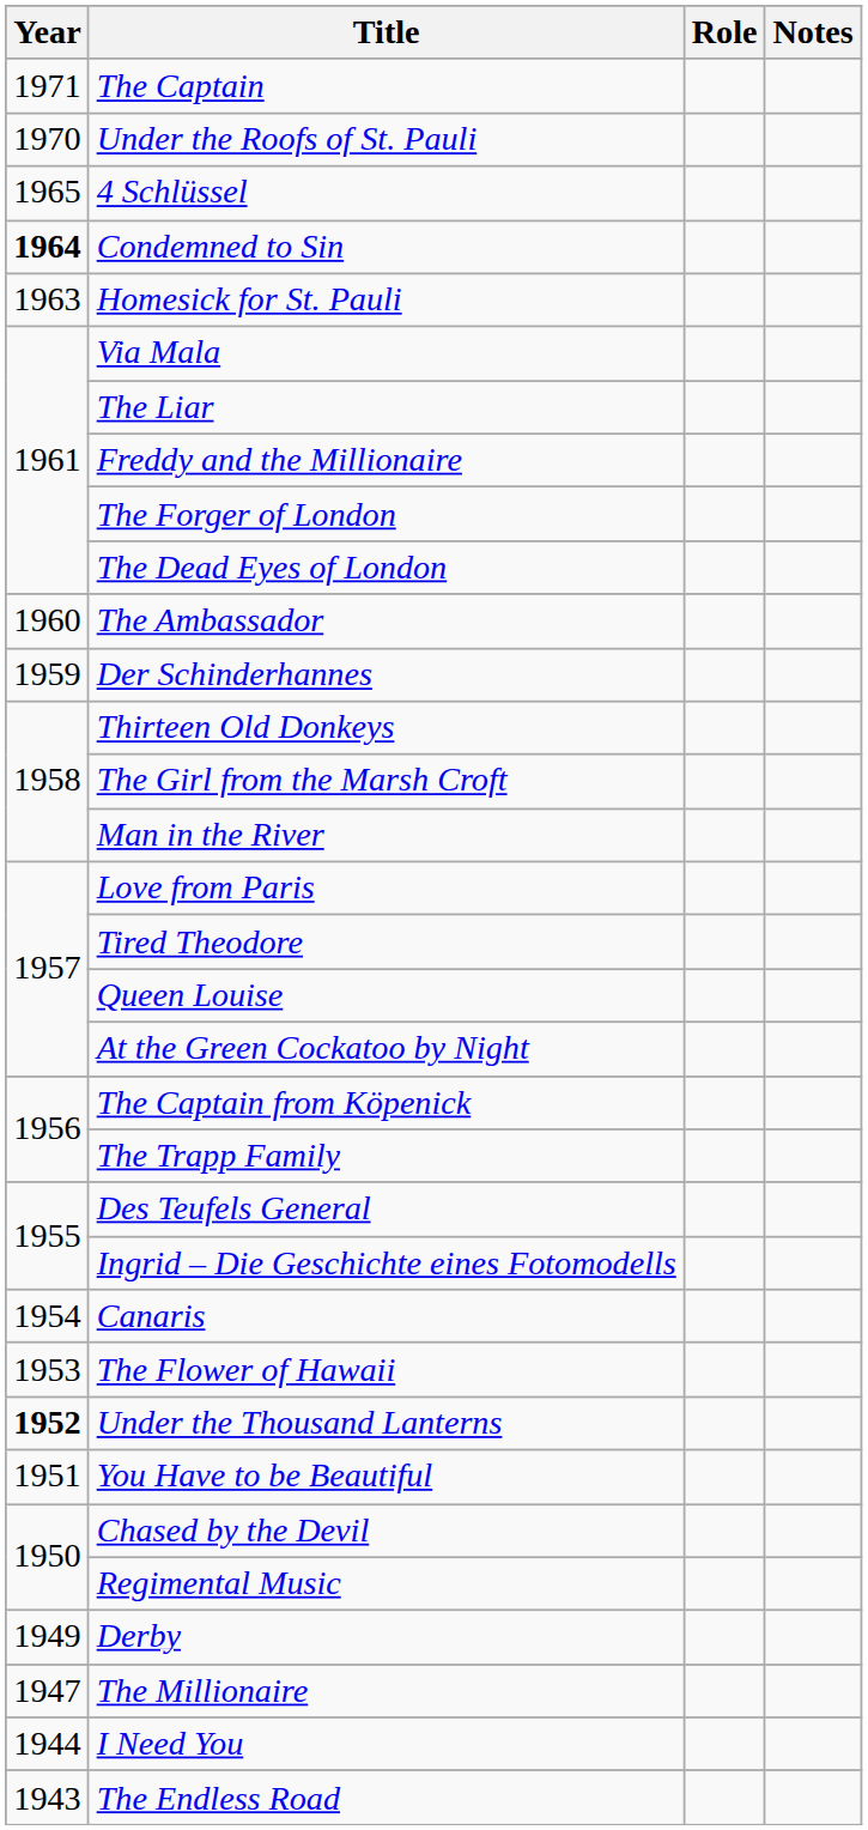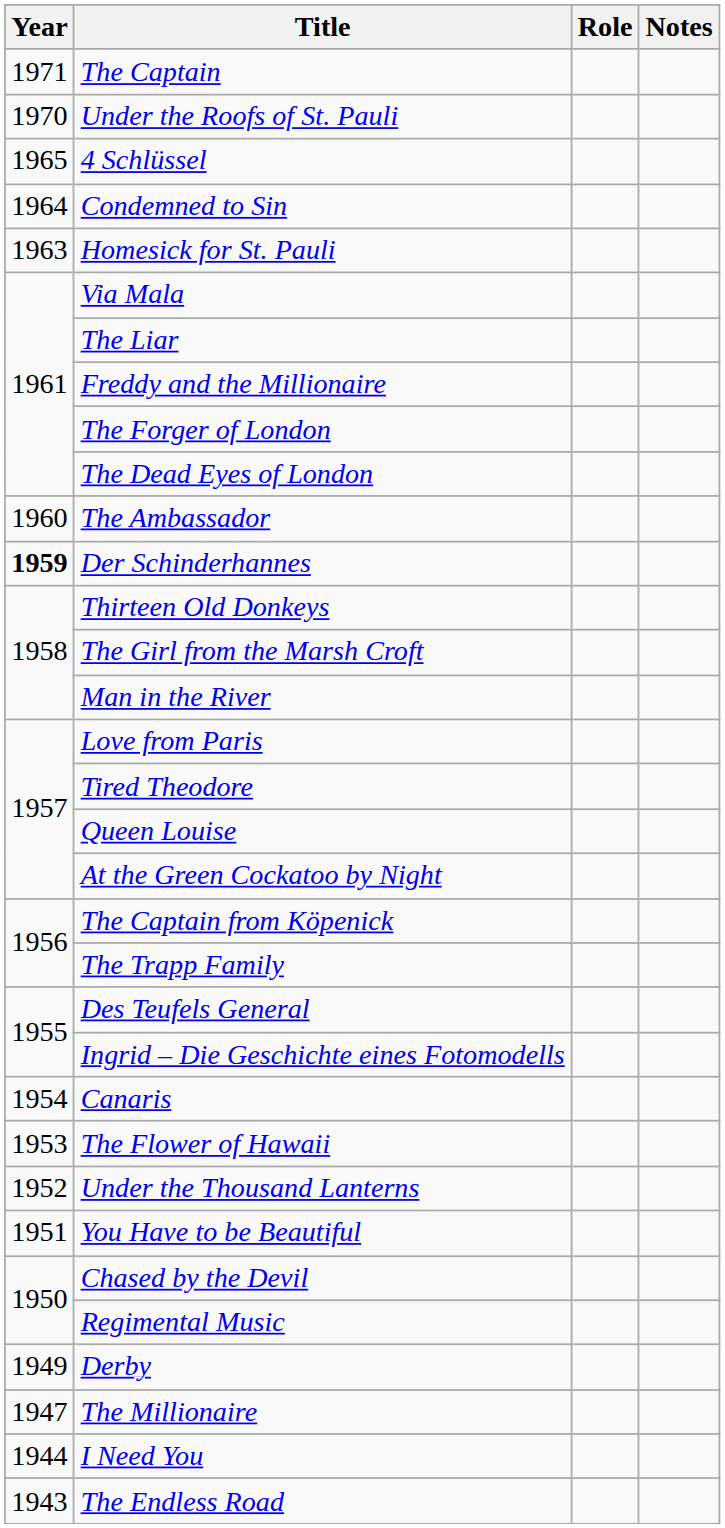 <table class="wikitable sortable">
 <tr>
 <th>Year</th>
 <th>Title</th>
 <th>Role</th>
 <th class="unsortable">Notes</th>
 </tr>
 <tr>
 <td>1971</td>
 <td><em><a href='#'>The Captain</a></em></td>
 <td></td>
 <td></td>
 </tr>
 <tr>
 <td>1970</td>
 <td><em><a href='#'>Under the Roofs of St. Pauli</a></em></td>
 <td></td>
 <td></td>
 </tr>
 <tr>
 <td>1965</td>
 <td><em><a href='#'>4 Schlüssel</a></em></td>
 <td></td>
 <td></td>
 </tr>
 <tr>
-<td><strong>1964</strong></td>
+<td>1964</td>
 <td><em><a href='#'>Condemned to Sin</a></em></td>
 <td></td>
 <td></td>
 </tr>
 <tr>
 <td>1963</td>
 <td><em><a href='#'>Homesick for St. Pauli</a></em></td>
 <td></td>
 <td></td>
 </tr>
 <tr>
 <td rowspan=5>1961</td>
 <td><em><a href='#'>Via Mala</a></em></td>
 <td></td>
 <td></td>
 </tr>
 <tr>
 <td><em><a href='#'>The Liar</a></em></td>
 <td></td>
 <td></td>
 </tr>
 <tr>
 <td><em><a href='#'>Freddy and the Millionaire</a></em></td>
 <td></td>
 <td></td>
 </tr>
 <tr>
 <td><em><a href='#'>The Forger of London</a></em></td>
 <td></td>
 <td></td>
 </tr>
 <tr>
 <td><em><a href='#'>The Dead Eyes of London</a></em></td>
 <td></td>
 <td></td>
 </tr>
 <tr>
 <td>1960</td>
 <td><em><a href='#'>The Ambassador</a></em></td>
 <td></td>
 <td></td>
 </tr>
 <tr>
-<td>1959</td>
+<td><strong>1959</strong></td>
 <td><em><a href='#'>Der Schinderhannes</a></em></td>
 <td></td>
 <td></td>
 </tr>
 <tr>
 <td rowspan=3>1958</td>
 <td><em><a href='#'>Thirteen Old Donkeys</a></em></td>
 <td></td>
 <td></td>
 </tr>
 <tr>
 <td><em><a href='#'>The Girl from the Marsh Croft</a></em></td>
 <td></td>
 <td></td>
 </tr>
 <tr>
 <td><em><a href='#'>Man in the River</a></em></td>
 <td></td>
 <td></td>
 </tr>
 <tr>
 <td rowspan=4>1957</td>
 <td><em><a href='#'>Love from Paris</a></em></td>
 <td></td>
 <td></td>
 </tr>
 <tr>
 <td><em><a href='#'>Tired Theodore</a></em></td>
 <td></td>
 <td></td>
 </tr>
 <tr>
 <td><em><a href='#'>Queen Louise</a></em></td>
 <td></td>
 <td></td>
 </tr>
 <tr>
 <td><em><a href='#'>At the Green Cockatoo by Night</a></em></td>
 <td></td>
 <td></td>
 </tr>
 <tr>
 <td rowspan=2>1956</td>
 <td><em><a href='#'>The Captain from Köpenick</a></em></td>
 <td></td>
 <td></td>
 </tr>
 <tr>
 <td><em><a href='#'>The Trapp Family</a></em></td>
 <td></td>
 <td></td>
 </tr>
 <tr>
 <td rowspan=2>1955</td>
 <td><em><a href='#'>Des Teufels General</a></em></td>
 <td></td>
 <td></td>
 </tr>
 <tr>
 <td><em><a href='#'>Ingrid – Die Geschichte eines Fotomodells</a></em></td>
 <td></td>
 <td></td>
 </tr>
 <tr>
 <td>1954</td>
 <td><em><a href='#'>Canaris</a></em></td>
 <td></td>
 <td></td>
 </tr>
 <tr>
 <td>1953</td>
 <td><em><a href='#'>The Flower of Hawaii</a></em></td>
 <td></td>
 <td></td>
 </tr>
 <tr>
-<td><strong>1952</strong></td>
+<td>1952</td>
 <td><em><a href='#'>Under the Thousand Lanterns</a></em></td>
 <td></td>
 <td></td>
 </tr>
 <tr>
 <td>1951</td>
 <td><em><a href='#'>You Have to be Beautiful</a></em></td>
 <td></td>
 <td></td>
 </tr>
 <tr>
 <td rowspan=2>1950</td>
 <td><em><a href='#'>Chased by the Devil</a></em></td>
 <td></td>
 <td></td>
 </tr>
 <tr>
 <td><em><a href='#'>Regimental Music</a></em></td>
 <td></td>
 <td></td>
 </tr>
 <tr>
 <td>1949</td>
 <td><em><a href='#'>Derby</a></em></td>
 <td></td>
 <td></td>
 </tr>
 <tr>
 <td>1947</td>
 <td><em><a href='#'>The Millionaire</a></em></td>
 <td></td>
 <td></td>
 </tr>
 <tr>
 <td>1944</td>
 <td><em><a href='#'>I Need You</a></em></td>
 <td></td>
 <td></td>
 </tr>
 <tr>
 <td>1943</td>
 <td><em><a href='#'>The Endless Road</a></em></td>
 <td></td>
 <td></td>
 </tr>
 </table>
